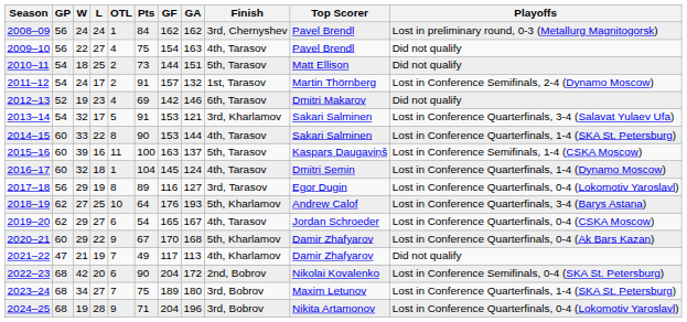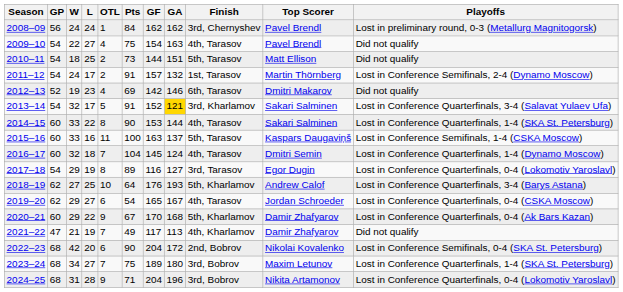 <table class="wikitable">
 <tr>
 <th>Season</th>
 <th>GP</th>
 <th>W</th>
 <th>L</th>
 <th>OTL</th>
 <th>Pts</th>
 <th>GF</th>
 <th>GA</th>
 <th>Finish</th>
 <th>Top Scorer</th>
 <th>Playoffs</th>
 </tr>
 <tr style="background:#eee;">
 <td><a href='#'>2008–09</a></td>
 <td>56</td>
 <td>24</td>
 <td>24</td>
 <td>1</td>
 <td>84</td>
 <td>162</td>
 <td>162</td>
 <td>3rd, Chernyshev</td>
 <td><a href='#'>Pavel Brendl</a> </td>
 <td>Lost in preliminary round, 0-3 (<a href='#'>Metallurg Magnitogorsk</a>)</td>
 </tr>
 <tr>
 <td><a href='#'>2009–10</a></td>
-<td>56</td>
+<td>54</td>
 <td>22</td>
 <td>27</td>
 <td>4</td>
 <td>75</td>
 <td>154</td>
 <td>163</td>
 <td>4th, Tarasov</td>
 <td><a href='#'>Pavel Brendl</a> </td>
 <td>Did not qualify</td>
 </tr>
 <tr style="background:#eee;">
 <td><a href='#'>2010–11</a></td>
 <td>54</td>
 <td>18</td>
 <td>25</td>
 <td>2</td>
 <td>73</td>
 <td>144</td>
 <td>151</td>
 <td>5th, Tarasov</td>
 <td><a href='#'>Matt Ellison</a> </td>
 <td>Did not qualify</td>
 </tr>
 <tr>
 <td><a href='#'>2011–12</a></td>
 <td>54</td>
 <td>24</td>
 <td>17</td>
 <td>2</td>
 <td>91</td>
 <td>157</td>
 <td>132</td>
 <td>1st, Tarasov</td>
 <td><a href='#'>Martin Thörnberg</a> </td>
 <td>Lost in Conference Semifinals, 2-4 (<a href='#'>Dynamo Moscow</a>)</td>
 </tr>
 <tr style="background:#eee;">
 <td><a href='#'>2012–13</a></td>
 <td>52</td>
 <td>19</td>
 <td>23</td>
 <td>4</td>
 <td>69</td>
 <td>142</td>
 <td>146</td>
 <td>6th, Tarasov</td>
 <td><a href='#'>Dmitri Makarov</a> </td>
 <td>Did not qualify</td>
 </tr>
 <tr>
 <td><a href='#'>2013–14</a></td>
 <td>54</td>
 <td>32</td>
 <td>17</td>
 <td>5</td>
 <td>91</td>
-<td>153</td>
-<td>121</td>
+<td>152</td>
+<td style="background: gold;">121</td>
 <td>3rd, Kharlamov</td>
 <td><a href='#'>Sakari Salminen</a> </td>
 <td>Lost in Conference Quarterfinals, 3-4 (<a href='#'>Salavat Yulaev Ufa</a>)</td>
 </tr>
 <tr style="background:#eee;">
 <td><a href='#'>2014–15</a></td>
 <td>60</td>
 <td>33</td>
 <td>22</td>
 <td>8</td>
 <td>90</td>
 <td>153</td>
 <td>144</td>
 <td>4th, Tarasov</td>
 <td><a href='#'>Sakari Salminen</a> </td>
 <td>Lost in Conference Quarterfinals, 1-4 (<a href='#'>SKA St. Petersburg</a>)</td>
 </tr>
 <tr>
 <td><a href='#'>2015–16</a></td>
 <td>60</td>
-<td>39</td>
+<td>33</td>
 <td>16</td>
 <td>11</td>
 <td>100</td>
 <td>163</td>
 <td>137</td>
 <td>5th, Tarasov</td>
 <td><a href='#'>Kaspars Daugaviņš</a> </td>
 <td>Lost in Conference Semifinals, 1-4 (<a href='#'>CSKA Moscow</a>)</td>
 </tr>
 <tr style="background:#eee;">
 <td><a href='#'>2016–17</a></td>
 <td>60</td>
 <td>32</td>
 <td>18</td>
-<td>1</td>
+<td>7</td>
 <td>104</td>
 <td>145</td>
 <td>124</td>
 <td>4th, Tarasov</td>
 <td><a href='#'>Dmitri Semin</a> </td>
 <td>Lost in Conference Quarterfinals, 1-4 (<a href='#'>Dynamo Moscow</a>)</td>
 </tr>
 <tr>
 <td><a href='#'>2017–18</a></td>
-<td>56</td>
+<td>54</td>
 <td>29</td>
 <td>19</td>
 <td>8</td>
 <td>89</td>
 <td>116</td>
 <td>127</td>
 <td>3rd, Tarasov</td>
 <td><a href='#'>Egor Dugin</a> </td>
 <td>Lost in Conference Quarterfinals, 0-4 (<a href='#'>Lokomotiv Yaroslavl</a>)</td>
 </tr>
 <tr style="background:#eee;">
 <td><a href='#'>2018–19</a></td>
 <td>62</td>
 <td>27</td>
 <td>25</td>
 <td>10</td>
 <td>64</td>
 <td>176</td>
 <td>193</td>
 <td>5th, Kharlamov</td>
 <td><a href='#'>Andrew Calof</a> </td>
 <td>Lost in Conference Quarterfinals, 3-4 (<a href='#'>Barys Astana</a>)</td>
 </tr>
 <tr>
 <td><a href='#'>2019–20</a></td>
 <td>62</td>
 <td>29</td>
 <td>27</td>
 <td>6</td>
 <td>54</td>
 <td>165</td>
 <td>167</td>
 <td>4th, Tarasov</td>
 <td><a href='#'>Jordan Schroeder</a> </td>
 <td>Lost in Conference Quarterfinals, 0-4 (<a href='#'>CSKA Moscow</a>)</td>
 </tr>
 <tr style="background:#eee;">
 <td><a href='#'>2020–21</a></td>
 <td>60</td>
 <td>29</td>
 <td>22</td>
 <td>9</td>
 <td>67</td>
 <td>170</td>
 <td>168</td>
 <td>5th, Kharlamov</td>
 <td><a href='#'>Damir Zhafyarov</a> </td>
 <td>Lost in Conference Quarterfinals, 0-4 (<a href='#'>Ak Bars Kazan</a>)</td>
 </tr>
 <tr>
 <td><a href='#'>2021–22</a></td>
 <td>47</td>
 <td>21</td>
 <td>19</td>
 <td>7</td>
 <td>49</td>
 <td>117</td>
 <td>113</td>
 <td>4th, Kharlamov</td>
 <td><a href='#'>Damir Zhafyarov</a> </td>
 <td>Did not qualify</td>
 </tr>
 <tr style="background:#eee;">
 <td><a href='#'>2022–23</a></td>
 <td>68</td>
 <td>42</td>
 <td>20</td>
 <td>6</td>
 <td>90</td>
 <td>204</td>
 <td>172</td>
 <td>2nd, Bobrov</td>
 <td><a href='#'>Nikolai Kovalenko</a> </td>
 <td>Lost in Conference Semifinals, 0-4 (<a href='#'>SKA St. Petersburg</a>)</td>
 </tr>
 <tr>
 <td><a href='#'>2023–24</a></td>
 <td>68</td>
 <td>34</td>
 <td>27</td>
 <td>7</td>
 <td>75</td>
 <td>189</td>
 <td>180</td>
 <td>3rd,  Bobrov</td>
 <td><a href='#'>Maxim Letunov</a> </td>
 <td>Lost in Conference Quarterfinals, 1-4 (<a href='#'>SKA St. Petersburg</a>)</td>
 </tr>
 <tr style="background:#eee;">
 <td><a href='#'>2024–25</a></td>
 <td>68</td>
-<td>19</td>
+<td>31</td>
 <td>28</td>
 <td>9</td>
 <td>71</td>
 <td>204</td>
 <td>196</td>
 <td>3rd, Bobrov</td>
 <td><a href='#'>Nikita Artamonov</a> </td>
 <td>Lost in Conference Quarterfinals, 0-4 (<a href='#'>Lokomotiv Yaroslavl</a>)</td>
 </tr>
 </table>
